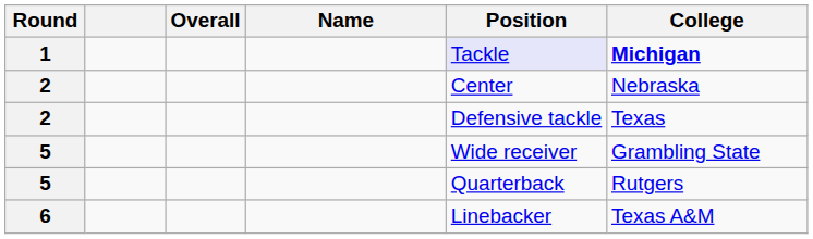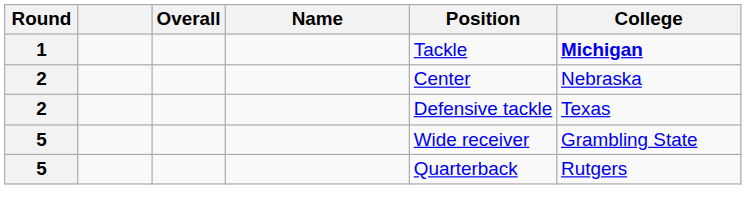 <table class="wikitable sortable">
 <tr>
 <th scope="col" style="width: 10%;">Round</th>
 <th scope="col" style="width: 10%;"></th>
 <th scope="col" style="width: 10%;">Overall</th>
 <th scope="col" style="width: 25%;">Name</th>
 <th scope="col" style="width: 20%;">Position</th>
 <th scope="col" style="width: 25%;">College</th>
 </tr>
 <tr>
 <th scope="row">1</th>
 <td></td>
 <td></td>
 <td></td>
-<td style="background: lavender;"><a href='#'>Tackle</a></td>
+<td><a href='#'>Tackle</a></td>
 <td><strong><a href='#'>Michigan</a></strong></td>
 </tr>
 <tr>
 <th scope="row">2</th>
 <td></td>
 <td></td>
 <td></td>
 <td><a href='#'>Center</a></td>
 <td><a href='#'>Nebraska</a></td>
 </tr>
 <tr>
 <th scope="row">2</th>
 <td></td>
 <td></td>
 <td></td>
 <td><a href='#'>Defensive tackle</a></td>
 <td><a href='#'>Texas</a></td>
 </tr>
 <tr>
 <th scope="row">5</th>
 <td></td>
 <td></td>
 <td></td>
 <td><a href='#'>Wide receiver</a></td>
 <td><a href='#'>Grambling State</a></td>
 </tr>
 <tr>
 <th scope="row">5</th>
 <td></td>
 <td></td>
 <td></td>
 <td><a href='#'>Quarterback</a></td>
 <td><a href='#'>Rutgers</a></td>
 </tr>
-<tr>
-<th scope="row">6</th>
-<td></td>
-<td></td>
-<td></td>
-<td><a href='#'>Linebacker</a></td>
-<td><a href='#'>Texas A&M</a></td>
-</tr>
 </table>
